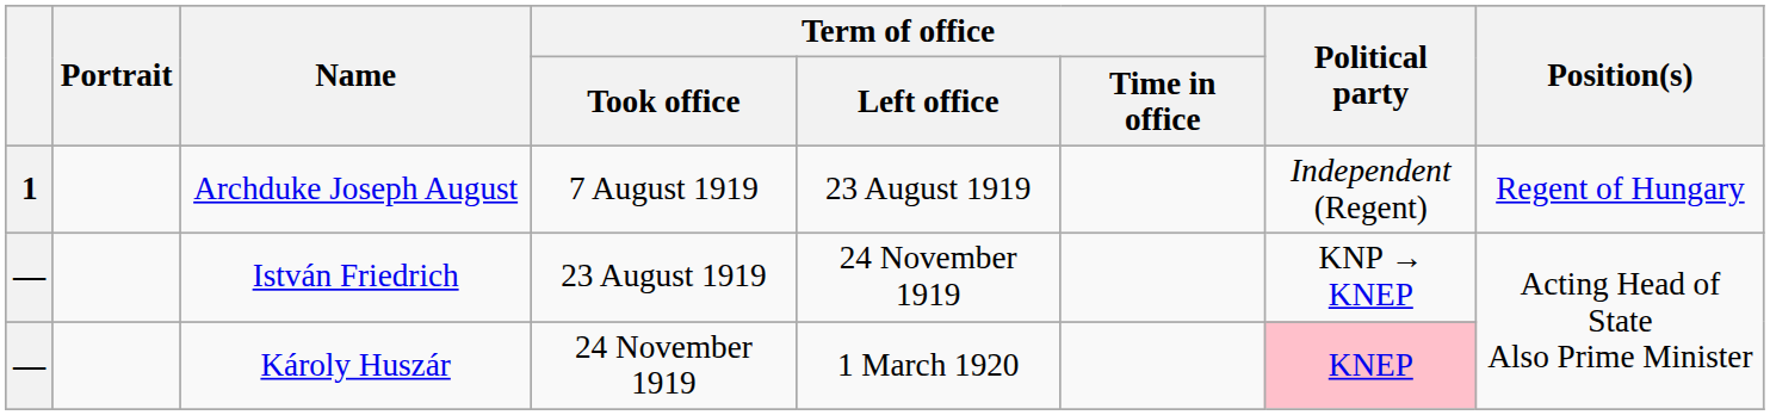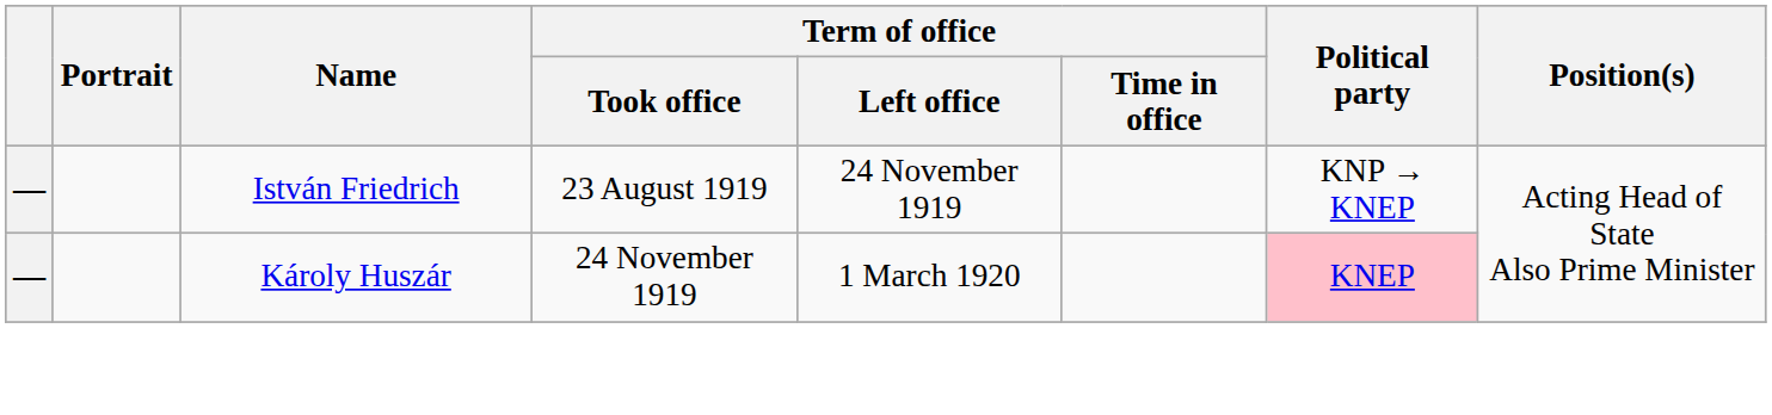 <table class="wikitable" style="text-align:center;">
 <tr>
 <th rowspan=2></th>
 <th rowspan=2>Portrait</th>
 <th width=20% rowspan=2>Name<br></th>
 <th colspan=3>Term of office</th>
 <th rowspan=2>Political party</th>
 <th rowspan=2>Position(s)</th>
 </tr>
 <tr>
 <th>Took office</th>
 <th>Left office</th>
 <th>Time in office</th>
-</tr>
-<tr>
-<th style="background:">1</th>
-<td></td>
-<td><a href='#'>Archduke Joseph August</a><br></td>
-<td>7 August 1919</td>
-<td>23 August 1919</td>
-<td></td>
-<td><em>Independent</em><br>(Regent)</td>
-<td><a href='#'>Regent of Hungary</a></td>
 </tr>
 <tr>
 <th style="background-color:">—</th>
 <td></td>
 <td><a href='#'>István Friedrich</a><br></td>
 <td>23 August 1919</td>
 <td>24 November 1919</td>
 <td></td>
 <td>KNP → <a href='#'>KNEP</a></td>
 <td rowspan=2>Acting Head of State<br>Also Prime Minister</td>
 </tr>
 <tr>
 <th style="background-color:">—</th>
 <td></td>
 <td><a href='#'>Károly Huszár</a><br></td>
 <td>24 November 1919</td>
 <td>1 March 1920</td>
 <td></td>
 <td style="background: pink;"><a href='#'>KNEP</a></td>
 </tr>
 </table>
